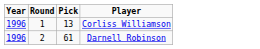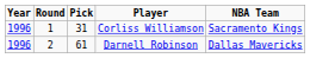 <table class="wikitable sortable">
 <tr align="center">
 <td><strong>Year</strong></td>
 <td><strong>Round</strong></td>
 <td><strong>Pick</strong></td>
 <td><strong>Player</strong></td>
+<td><strong>NBA Team</strong></td>
 </tr>
 <tr align="center" bgcolor="">
 <td><a href='#'>1996</a></td>
 <td>1</td>
-<td>13</td>
+<td>31</td>
 <td><a href='#'>Corliss Williamson</a></td>
+<td><a href='#'>Sacramento Kings</a></td>
 </tr>
 <tr align="center" bgcolor="">
 <td><a href='#'>1996</a></td>
 <td>2</td>
 <td>61</td>
 <td><a href='#'>Darnell Robinson</a></td>
+<td><a href='#'>Dallas Mavericks</a></td>
 </tr>
 </table>
